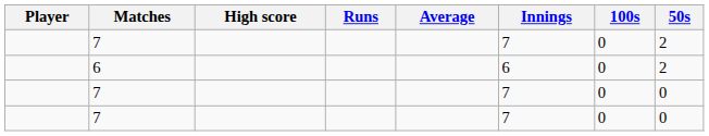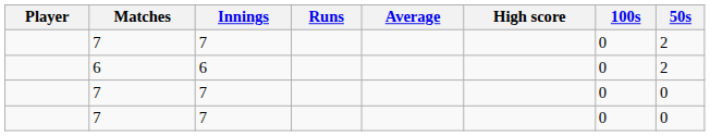 <table class="wikitable sortable" style="width:80%;">
 <tr>
 <th>Player</th>
 <th>Matches</th>
-<th>High score</th>
+<th><a href='#'>Innings</a></th>
 <th><a href='#'>Runs</a></th>
 <th><a href='#'>Average</a></th>
-<th><a href='#'>Innings</a></th>
+<th>High score</th>
 <th><a href='#'>100s</a></th>
 <th><a href='#'>50s</a></th>
 </tr>
 <tr>
 <td></td>
 <td>7</td>
+<td>7</td>
 <td></td>
 <td></td>
 <td></td>
-<td>7</td>
 <td>0</td>
 <td>2</td>
 </tr>
 <tr>
 <td></td>
 <td>6</td>
+<td>6</td>
 <td></td>
 <td></td>
 <td></td>
-<td>6</td>
 <td>0</td>
 <td>2</td>
 </tr>
 <tr>
 <td></td>
 <td>7</td>
+<td>7</td>
 <td></td>
 <td></td>
 <td></td>
-<td>7</td>
 <td>0</td>
 <td>0</td>
 </tr>
 <tr>
 <td></td>
 <td>7</td>
+<td>7</td>
 <td></td>
 <td></td>
 <td></td>
-<td>7</td>
 <td>0</td>
 <td>0</td>
 </tr>
 </table>
